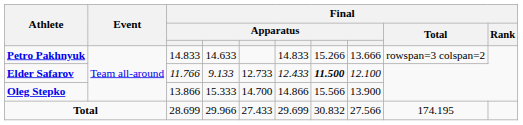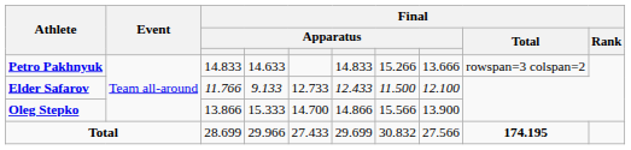 <table class=wikitable style=font-size:90%;text-align:center>
 <tr>
 <th rowspan=3>Athlete</th>
 <th rowspan=3>Event</th>
 <th colspan=8>Final</th>
 </tr>
 <tr style=font-size:95%>
 <th colspan=6>Apparatus</th>
 <th rowspan=2>Total</th>
 <th rowspan=2>Rank</th>
 </tr>
 <tr style=font-size:95%>
 <th></th>
 <th></th>
 <th></th>
 <th></th>
 <th></th>
 <th></th>
 </tr>
 <tr align=center>
 <td align=left><strong><a href='#'>Petro Pakhnyuk</a></strong></td>
 <td align=left rowspan=3><a href='#'>Team all-around</a></td>
 <td>14.833</td>
 <td>14.633</td>
 <td></td>
 <td>14.833</td>
 <td>15.266</td>
 <td>13.666</td>
 <td>rowspan=3 colspan=2 </td>
 </tr>
 <tr align=center>
 <td align=left><strong><a href='#'>Elder Safarov</a></strong></td>
 <td><em>11.766</em></td>
 <td><em>9.133</em></td>
 <td>12.733</td>
 <td><em>12.433</em></td>
-<td><strong><em>11.500</em></strong></td>
+<td><em>11.500</em></td>
 <td><em>12.100</em></td>
 </tr>
 <tr align=center>
 <td align=left><strong><a href='#'>Oleg Stepko</a></strong></td>
 <td>13.866</td>
 <td>15.333</td>
 <td>14.700</td>
 <td>14.866</td>
 <td>15.566</td>
 <td>13.900</td>
 </tr>
 <tr align=center>
 <td colspan=2><strong>Total</strong></td>
 <td>28.699</td>
 <td>29.966</td>
 <td>27.433</td>
 <td>29.699</td>
 <td>30.832</td>
 <td>27.566</td>
-<td>174.195</td>
+<td><strong>174.195</strong></td>
 <td></td>
 </tr>
 </table>
